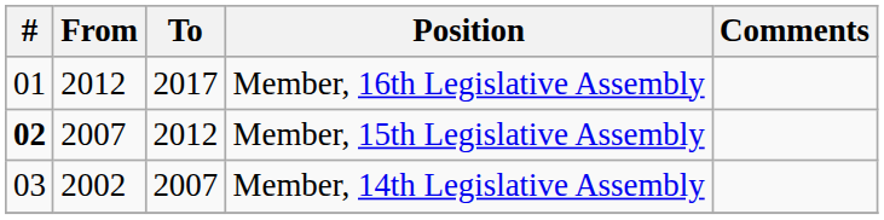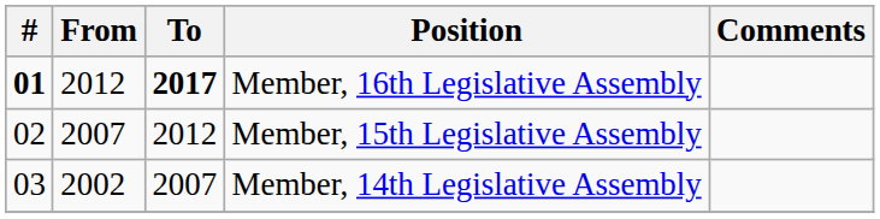 <table class="wikitable sortable">
 <tr>
 <th>#</th>
 <th>From</th>
 <th>To</th>
 <th>Position</th>
 <th>Comments</th>
 </tr>
 <tr>
-<td>01</td>
+<td><strong>01</strong></td>
 <td>2012</td>
-<td>2017</td>
+<td><strong>2017</strong></td>
 <td>Member, <a href='#'>16th Legislative Assembly</a></td>
 <td></td>
 </tr>
 <tr>
-<td><strong>02</strong></td>
+<td>02</td>
 <td>2007</td>
 <td>2012</td>
 <td>Member, <a href='#'>15th Legislative Assembly</a></td>
 <td></td>
 </tr>
 <tr>
 <td>03</td>
 <td>2002</td>
 <td>2007</td>
 <td>Member, <a href='#'>14th Legislative Assembly</a></td>
 <td></td>
 </tr>
 <tr>
 </tr>
 </table>
